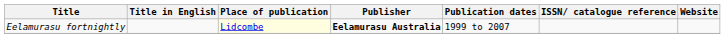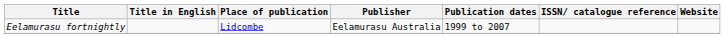 <table class="wikitable sortable">
 <tr>
 <th>Title</th>
 <th>Title in English</th>
 <th>Place of publication</th>
 <th>Publisher</th>
 <th>Publication dates</th>
 <th>ISSN/ catalogue reference</th>
 <th>Website</th>
 </tr>
 <tr>
 <td><em>Eelamurasu fortnightly</em></td>
 <td></td>
-<td style="background: lightyellow;"><a href='#'>Lidcombe</a></td>
-<td><strong>Eelamurasu Australia</strong></td>
+<td><a href='#'>Lidcombe</a></td>
+<td>Eelamurasu Australia</td>
 <td>1999 to 2007</td>
 <td></td>
 <td></td>
 </tr>
 <tr>
 </tr>
 </table>
